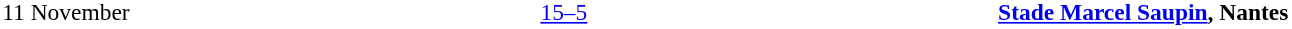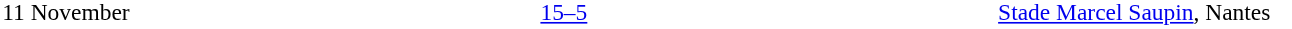 <table style="width:100%;" cellspacing="1">
 <tr>
 <th width=15%></th>
 <th width=25%></th>
 <th width=10%></th>
 <th width=25%></th>
 </tr>
 <tr style=font-size:90%>
 <td align=right>11 November</td>
 <td align=right></td>
 <td align=center><a href='#'>15–5</a></td>
 <td></td>
-<td><strong><a href='#'>Stade Marcel Saupin</a>, Nantes</strong></td>
+<td><a href='#'>Stade Marcel Saupin</a>, Nantes</td>
 </tr>
 </table>
